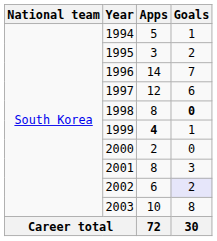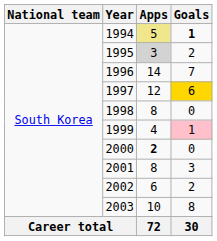 <table class="wikitable" style="text-align:center">
 <tr>
 <th>National team</th>
 <th>Year</th>
 <th>Apps</th>
 <th>Goals</th>
 </tr>
 <tr>
 <td rowspan="10"><a href='#'>South Korea</a></td>
 <td>1994</td>
-<td>5</td>
-<td>1</td>
+<td style="background: khaki;">5</td>
+<td><strong>1</strong></td>
 </tr>
 <tr>
 <td>1995</td>
-<td>3</td>
+<td style="background: lightgrey;">3</td>
 <td>2</td>
 </tr>
 <tr>
 <td>1996</td>
 <td>14</td>
 <td>7</td>
 </tr>
 <tr>
 <td>1997</td>
 <td>12</td>
-<td>6</td>
+<td style="background: gold;">6</td>
 </tr>
 <tr>
 <td>1998</td>
 <td>8</td>
-<td><strong>0</strong></td>
+<td>0</td>
 </tr>
 <tr>
 <td>1999</td>
-<td><strong>4</strong></td>
-<td>1</td>
+<td>4</td>
+<td style="background: pink;">1</td>
 </tr>
 <tr>
 <td>2000</td>
-<td>2</td>
+<td><strong>2</strong></td>
 <td>0</td>
 </tr>
 <tr>
 <td>2001</td>
 <td>8</td>
 <td>3</td>
 </tr>
 <tr>
 <td>2002</td>
 <td>6</td>
-<td style="background: lavender;">2</td>
+<td>2</td>
 </tr>
 <tr>
 <td>2003</td>
 <td>10</td>
 <td>8</td>
 </tr>
 <tr>
 <th colspan="2">Career total</th>
 <th>72</th>
 <th>30</th>
 </tr>
 </table>
